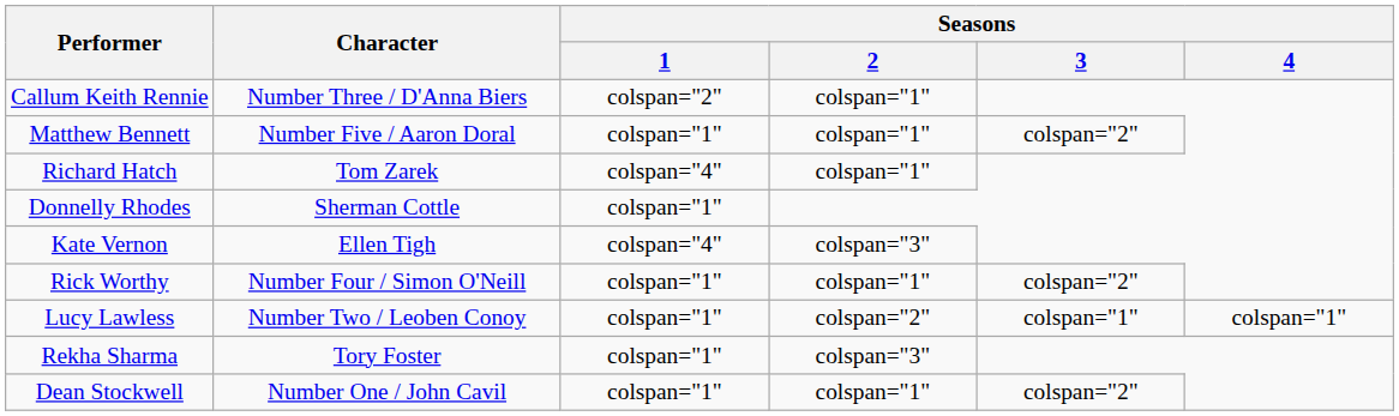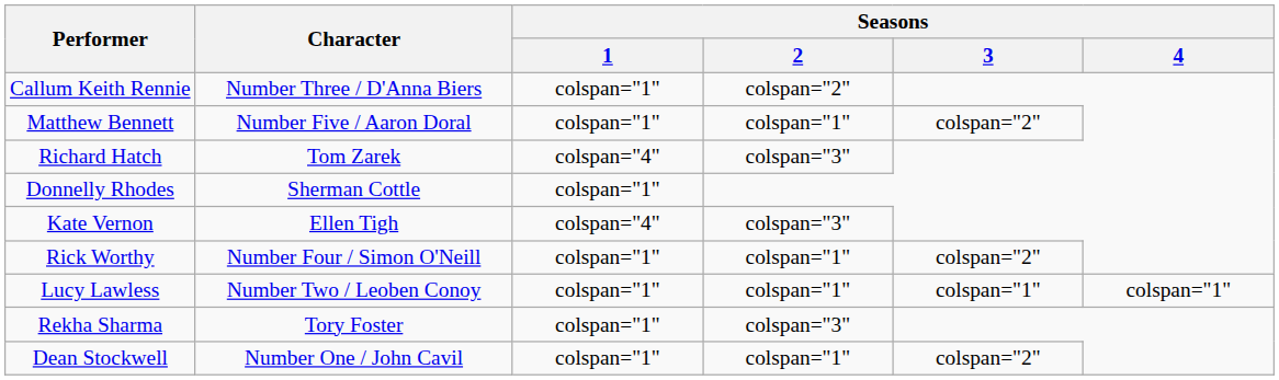 <table class="wikitable" style="text-align: center;">
 <tr>
 <th width="15%" scope="col" rowspan="2">Performer</th>
 <th width="25%" scope="col" rowspan="2">Character</th>
 <th width="25%" scope="col" colspan="4">Seasons</th>
 </tr>
 <tr>
 <th width="15%" scope="col"><a href='#'>1</a></th>
 <th width="15%" scope="col"><a href='#'>2</a></th>
 <th width="15%" scope="col"><a href='#'>3</a></th>
 <th width="15%" scope="col"><a href='#'>4</a></th>
 </tr>
 <tr>
 <td><a href='#'>Callum Keith Rennie</a></td>
 <td><a href='#'>Number Three / D'Anna Biers</a></td>
-<td>colspan="2"  </td>
-<td>colspan="1"  </td>
+<td>colspan="1" </td>
+<td>colspan="2" </td>
 </tr>
 <tr>
 <td><a href='#'>Matthew Bennett</a></td>
 <td><a href='#'>Number Five / Aaron Doral</a></td>
 <td>colspan="1"  </td>
 <td>colspan="1" </td>
 <td>colspan="2" </td>
 </tr>
 <tr>
 <td><a href='#'>Richard Hatch</a></td>
 <td><a href='#'>Tom Zarek</a></td>
 <td>colspan="4"  </td>
-<td>colspan="1"  </td>
+<td>colspan="3" </td>
 </tr>
 <tr>
 <td><a href='#'>Donnelly Rhodes</a></td>
 <td><a href='#'>Sherman Cottle</a></td>
 <td>colspan="1"  </td>
 </tr>
 <tr>
 <td><a href='#'>Kate Vernon</a></td>
 <td><a href='#'>Ellen Tigh</a></td>
 <td>colspan="4"  </td>
 <td>colspan="3" </td>
 </tr>
 <tr>
 <td><a href='#'>Rick Worthy</a></td>
 <td><a href='#'>Number Four / Simon O'Neill</a></td>
 <td>colspan="1" </td>
 <td>colspan="1"  </td>
 <td>colspan="2" </td>
 </tr>
 <tr>
 <td><a href='#'>Lucy Lawless</a></td>
 <td><a href='#'>Number Two / Leoben Conoy</a></td>
 <td>colspan="1" </td>
-<td>colspan="2" </td>
+<td>colspan="1"  </td>
 <td>colspan="1" </td>
 <td>colspan="1" </td>
 </tr>
 <tr>
 <td><a href='#'>Rekha Sharma</a></td>
 <td><a href='#'>Tory Foster</a></td>
 <td>colspan="1" </td>
 <td>colspan="3"  </td>
 </tr>
 <tr>
 <td><a href='#'>Dean Stockwell</a></td>
 <td><a href='#'>Number One / John Cavil</a></td>
 <td>colspan="1" </td>
 <td>colspan="1"  </td>
 <td>colspan="2" </td>
 </tr>
 </table>
